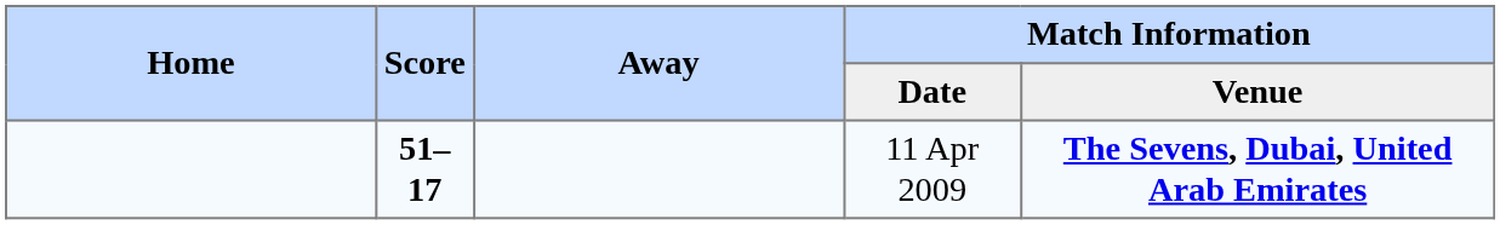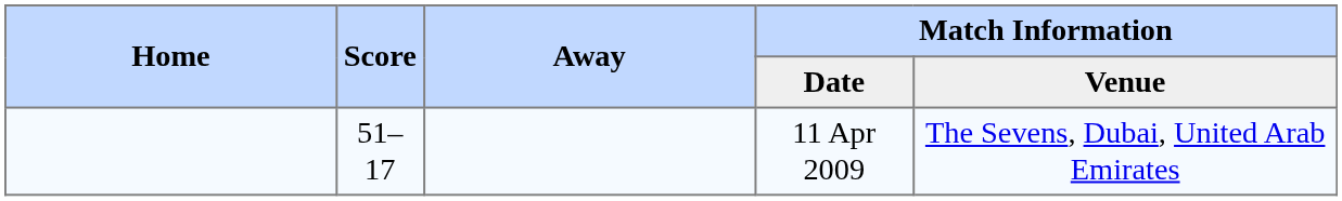 <table border=1 style="border-collapse:collapse; font-size:90%; text-align:center;" cellpadding=3 cellspacing=0 width=100%>
 <tr bgcolor=#C1D8FF>
 <th rowspan=2 width=25%>Home</th>
 <th rowspan=2 width=6%>Score</th>
 <th rowspan=2 width=25%>Away</th>
 <th colspan=6>Match Information</th>
 </tr>
 <tr bgcolor=#EFEFEF>
 <th width=12%>Date</th>
 <th width=32%>Venue</th>
 </tr>
 <tr bgcolor=#F5FAFF>
 <td align=right></td>
-<td><strong>51–17</strong></td>
+<td>51–17</td>
 <td align=left></td>
 <td>11 Apr 2009</td>
-<td><strong><a href='#'>The Sevens</a>, <a href='#'>Dubai</a>, <a href='#'>United Arab Emirates</a></strong></td>
+<td><a href='#'>The Sevens</a>, <a href='#'>Dubai</a>, <a href='#'>United Arab Emirates</a></td>
 </tr>
 </table>
